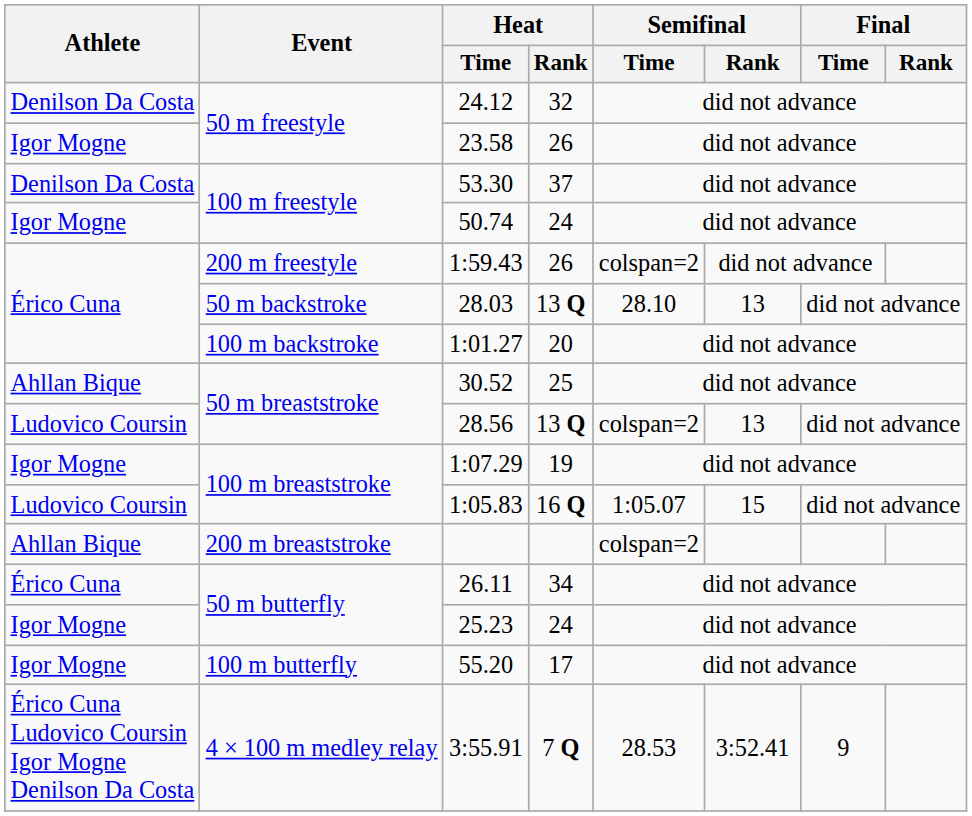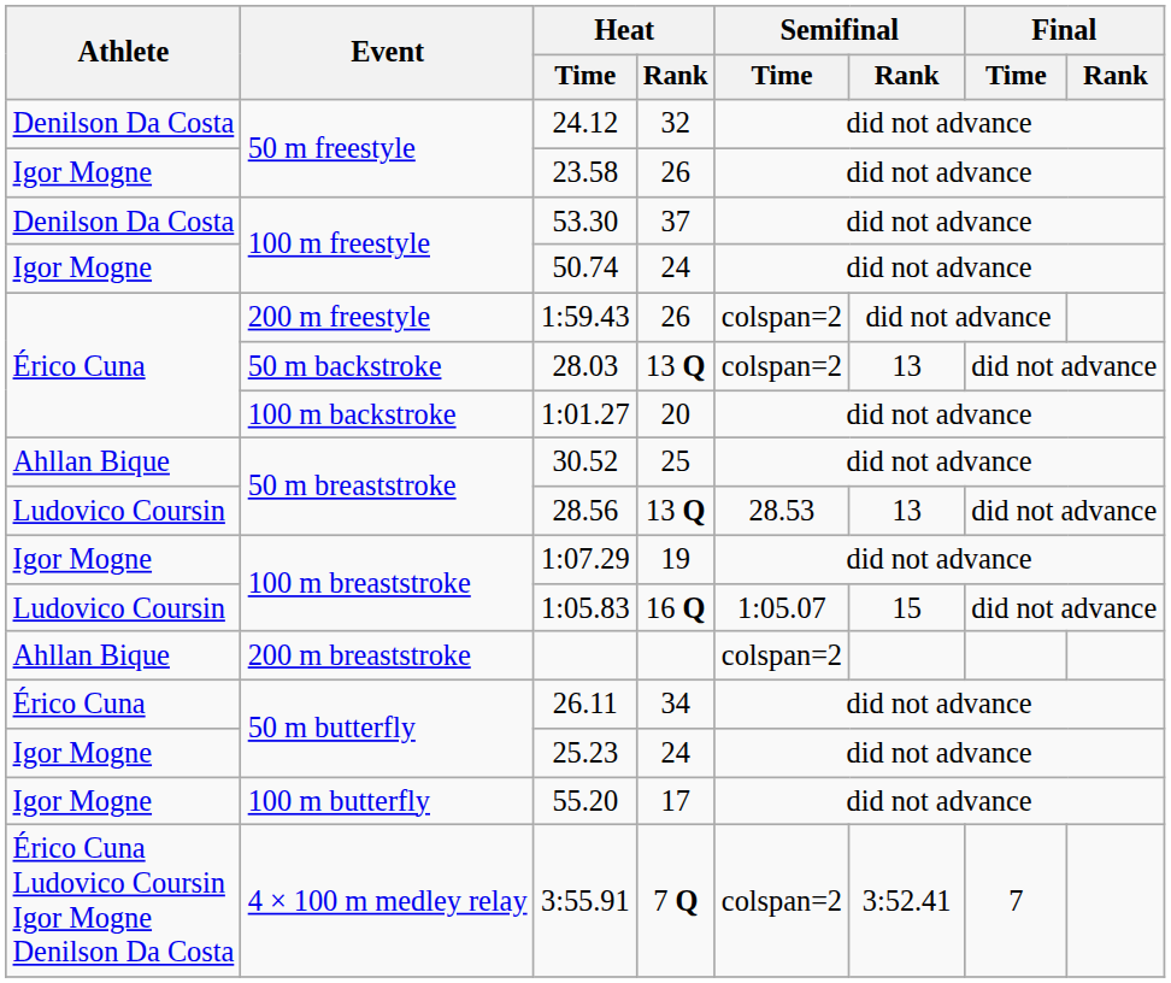 <table class=wikitable style=font-size:90%>
 <tr>
 <th rowspan=2>Athlete</th>
 <th rowspan=2>Event</th>
 <th colspan=2>Heat</th>
 <th colspan=2>Semifinal</th>
 <th colspan=2>Final</th>
 </tr>
 <tr style=font-size:95%>
 <th>Time</th>
 <th>Rank</th>
 <th>Time</th>
 <th>Rank</th>
 <th>Time</th>
 <th>Rank</th>
 </tr>
 <tr align=center>
 <td align=left><a href='#'>Denilson Da Costa</a></td>
 <td align=left rowspan=2><a href='#'>50 m freestyle</a></td>
 <td>24.12</td>
 <td>32</td>
 <td colspan=4>did not advance</td>
 </tr>
 <tr align=center>
 <td align=left><a href='#'>Igor Mogne</a></td>
 <td>23.58</td>
 <td>26</td>
 <td colspan=4>did not advance</td>
 </tr>
 <tr align=center>
 <td align=left><a href='#'>Denilson Da Costa</a></td>
 <td align=left rowspan=2><a href='#'>100 m freestyle</a></td>
 <td>53.30</td>
 <td>37</td>
 <td colspan=4>did not advance</td>
 </tr>
 <tr align=center>
 <td align=left><a href='#'>Igor Mogne</a></td>
 <td>50.74</td>
 <td>24</td>
 <td colspan=4>did not advance</td>
 </tr>
 <tr align=center>
 <td align=left rowspan=3><a href='#'>Érico Cuna</a></td>
 <td align=left><a href='#'>200 m freestyle</a></td>
 <td>1:59.43</td>
 <td>26</td>
 <td>colspan=2 </td>
 <td colspan=2>did not advance</td>
 </tr>
 <tr align=center>
 <td align=left><a href='#'>50 m backstroke</a></td>
 <td>28.03</td>
 <td>13 <strong>Q</strong></td>
-<td>28.10</td>
+<td>colspan=2 </td>
 <td>13</td>
 <td colspan=2>did not advance</td>
 </tr>
 <tr align=center>
 <td align=left><a href='#'>100 m backstroke</a></td>
 <td>1:01.27</td>
 <td>20</td>
 <td colspan=4>did not advance</td>
 </tr>
 <tr align=center>
 <td align=left><a href='#'>Ahllan Bique</a></td>
 <td align=left rowspan=2><a href='#'>50 m breaststroke</a></td>
 <td>30.52</td>
 <td>25</td>
 <td colspan=4>did not advance</td>
 </tr>
 <tr align=center>
 <td align=left><a href='#'>Ludovico Coursin</a></td>
 <td>28.56</td>
 <td>13 <strong>Q</strong></td>
-<td>colspan=2 </td>
+<td>28.53</td>
 <td>13</td>
 <td colspan=2>did not advance</td>
 </tr>
 <tr align=center>
 <td align=left><a href='#'>Igor Mogne</a></td>
 <td align=left rowspan=2><a href='#'>100 m breaststroke</a></td>
 <td>1:07.29</td>
 <td>19</td>
 <td colspan=4>did not advance</td>
 </tr>
 <tr align=center>
 <td align=left><a href='#'>Ludovico Coursin</a></td>
 <td>1:05.83</td>
 <td>16 <strong>Q</strong></td>
 <td>1:05.07</td>
 <td>15</td>
 <td colspan=2>did not advance</td>
 </tr>
 <tr align=center>
 <td align=left><a href='#'>Ahllan Bique</a></td>
 <td align=left><a href='#'>200 m breaststroke</a></td>
 <td></td>
 <td></td>
 <td>colspan=2 </td>
 <td></td>
 <td></td>
 </tr>
 <tr align=center>
 <td align=left><a href='#'>Érico Cuna</a></td>
 <td align=left rowspan=2><a href='#'>50 m butterfly</a></td>
 <td>26.11</td>
 <td>34</td>
 <td colspan=4>did not advance</td>
 </tr>
 <tr align=center>
 <td align=left><a href='#'>Igor Mogne</a></td>
 <td>25.23</td>
 <td>24</td>
 <td colspan=4>did not advance</td>
 </tr>
 <tr align=center>
 <td align=left><a href='#'>Igor Mogne</a></td>
 <td align=left><a href='#'>100 m butterfly</a></td>
 <td>55.20</td>
 <td>17</td>
 <td colspan=4>did not advance</td>
 </tr>
 <tr align=center>
 <td align=left><a href='#'>Érico Cuna</a><br><a href='#'>Ludovico Coursin</a><br><a href='#'>Igor Mogne</a><br><a href='#'>Denilson Da Costa</a></td>
 <td align=left><a href='#'>4 × 100 m medley relay</a></td>
 <td>3:55.91</td>
 <td>7 <strong>Q</strong></td>
-<td>28.53</td>
+<td>colspan=2 </td>
 <td>3:52.41</td>
-<td>9</td>
+<td>7</td>
 </tr>
 </table>
